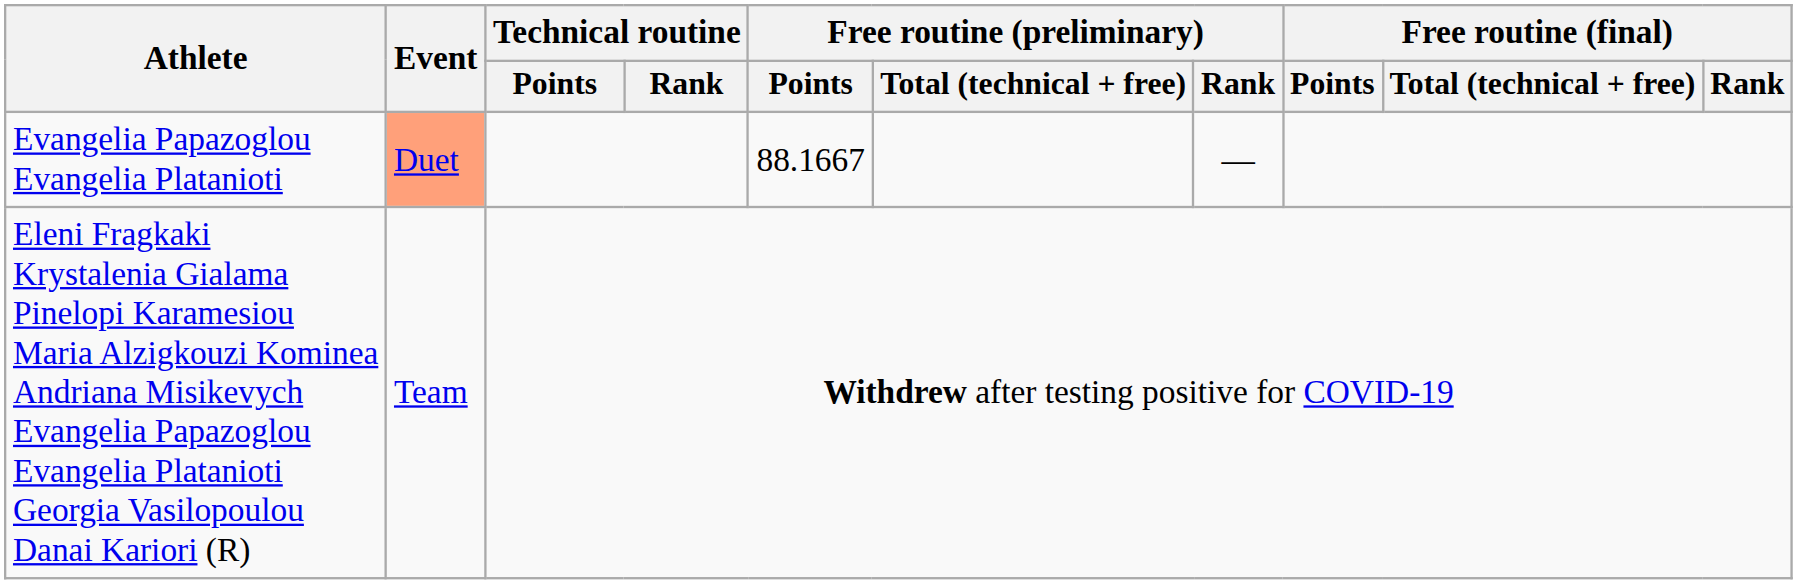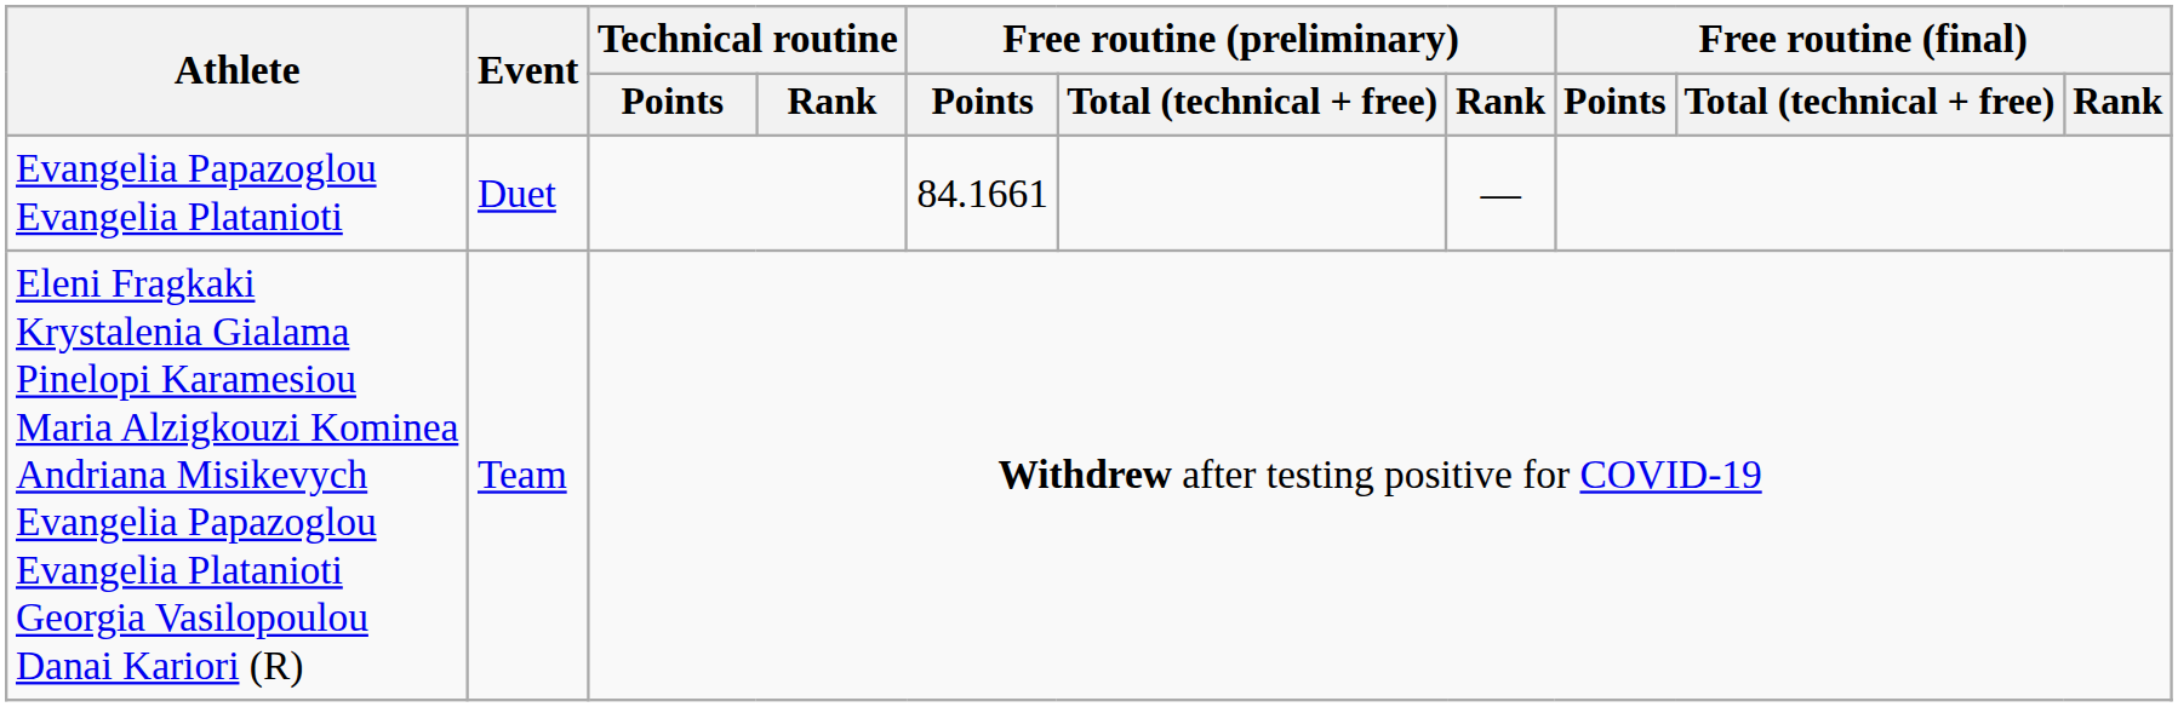 <table class="wikitable" style="font-size:90%">
 <tr>
 <th rowspan="2">Athlete</th>
 <th rowspan="2">Event</th>
 <th colspan=2>Technical routine</th>
 <th colspan=3>Free routine (preliminary)</th>
 <th colspan=3>Free routine (final)</th>
 </tr>
 <tr style="font-size:95%">
 <th>Points</th>
 <th>Rank</th>
 <th>Points</th>
 <th>Total (technical + free)</th>
 <th>Rank</th>
 <th>Points</th>
 <th>Total (technical + free)</th>
 <th>Rank</th>
 </tr>
 <tr align=center>
 <td align=left><a href='#'>Evangelia Papazoglou</a><br><a href='#'>Evangelia Platanioti</a></td>
-<td align=left style="background: lightsalmon;"><a href='#'>Duet</a></td>
+<td align=left><a href='#'>Duet</a></td>
 <td colspan="2"></td>
-<td>88.1667</td>
+<td>84.1661</td>
 <td></td>
 <td>—</td>
 <td colspan="3"></td>
 </tr>
 <tr align=center>
 <td align=left><a href='#'>Eleni Fragkaki</a><br><a href='#'>Krystalenia Gialama</a><br><a href='#'>Pinelopi Karamesiou</a><br><a href='#'>Maria Alzigkouzi Kominea</a><br><a href='#'>Andriana Misikevych</a><br><a href='#'>Evangelia Papazoglou</a><br><a href='#'>Evangelia Platanioti</a><br><a href='#'>Georgia Vasilopoulou</a><br><a href='#'>Danai Kariori</a> (R)</td>
 <td align=left><a href='#'>Team</a></td>
 <td colspan=8><strong>Withdrew</strong> ‌‌‌‌‌after testing positive for <a href='#'>COVID-19</a></td>
 </tr>
 </table>
